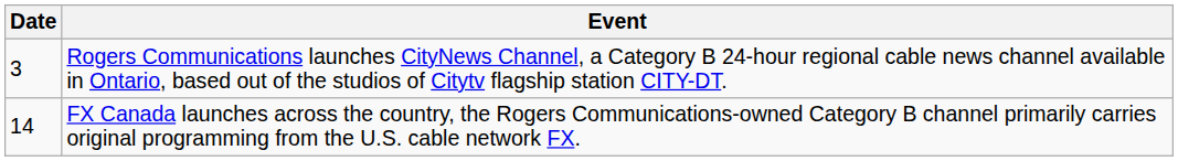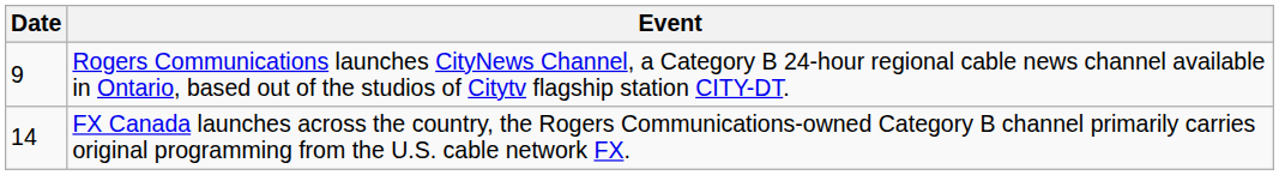 <table class="wikitable">
 <tr>
 <th>Date</th>
 <th>Event</th>
 </tr>
 <tr>
-<td>3</td>
+<td>9</td>
 <td><a href='#'>Rogers Communications</a> launches <a href='#'>CityNews Channel</a>, a Category B 24-hour regional cable news channel available in <a href='#'>Ontario</a>, based out of the studios of <a href='#'>Citytv</a> flagship station <a href='#'>CITY-DT</a>.</td>
 </tr>
 <tr>
 <td>14</td>
 <td><a href='#'>FX Canada</a> launches across the country, the Rogers Communications-owned Category B channel primarily carries original programming from the U.S. cable network <a href='#'>FX</a>.</td>
 </tr>
 </table>
